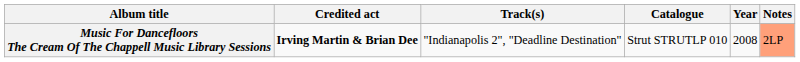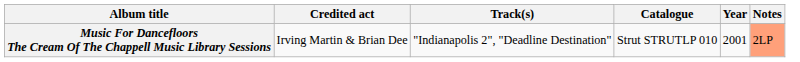 <table class="wikitable plainrowheaders sortable">
 <tr>
 <th scope="col" class="unsortable">Album title</th>
 <th scope="col">Credited act</th>
 <th scope="col">Track(s)</th>
 <th scope="col">Catalogue</th>
 <th scope="col">Year</th>
 <th scope="col" class="unsortable">Notes</th>
 </tr>
 <tr>
 <th scope="row"><em>Music For Dancefloors<br>The Cream Of The Chappell Music Library Sessions</em></th>
-<td><strong>Irving Martin & Brian Dee</strong></td>
+<td>Irving Martin & Brian Dee</td>
 <td>"Indianapolis 2", "Deadline Destination"</td>
 <td>Strut STRUTLP 010</td>
-<td>2008</td>
+<td>2001</td>
 <td style="background: lightsalmon;">2LP</td>
 </tr>
 </table>
